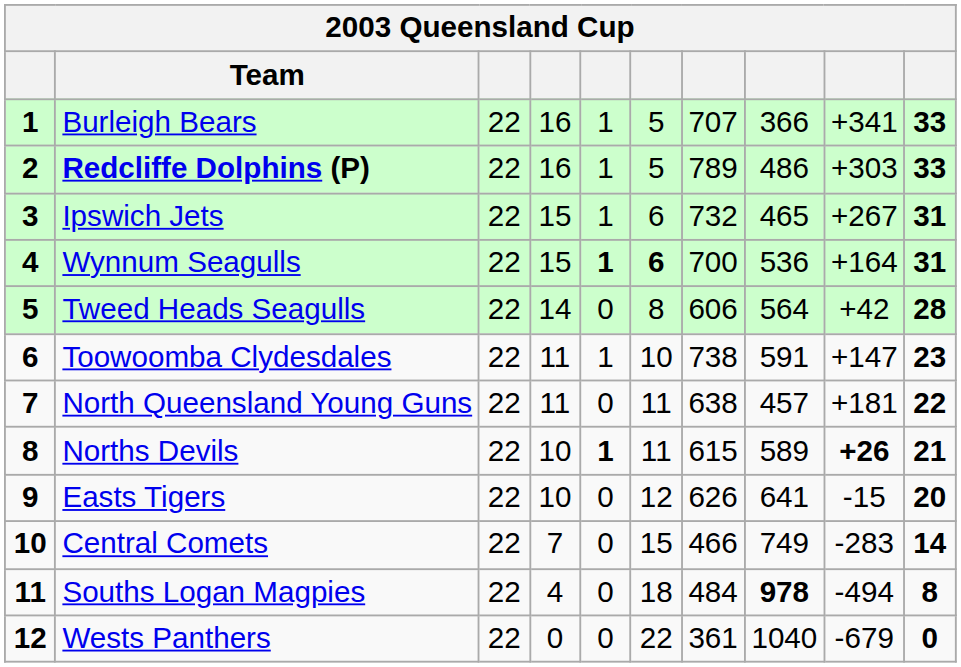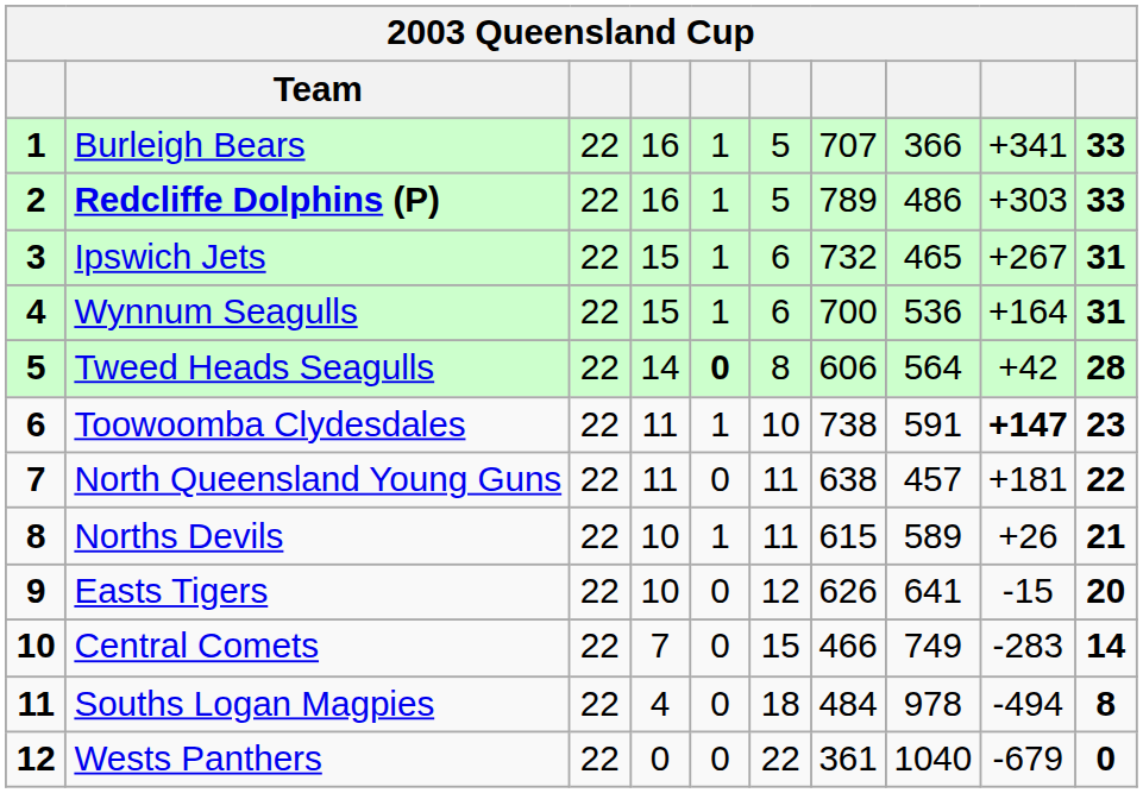 <table class="wikitable" style="text-align:center;">
 <tr>
 <th colspan="11">2003 Queensland Cup</th>
 </tr>
 <tr>
 <th width="20"></th>
 <th>Team</th>
 <th width="20"></th>
 <th width="20"></th>
 <th width="20"></th>
 <th width="20"></th>
 <th width="25"></th>
 <th width="25"></th>
 <th width="30"></th>
 <th width="20"></th>
 </tr>
 <tr style="background: #ccffcc;">
 <td><strong>1</strong></td>
 <td style="text-align:left;"> <a href='#'>Burleigh Bears</a></td>
 <td>22</td>
 <td>16</td>
 <td>1</td>
 <td>5</td>
 <td>707</td>
 <td>366</td>
 <td>+341</td>
 <td><strong>33</strong></td>
 </tr>
 <tr style="background: #ccffcc;">
 <td><strong>2</strong></td>
 <td style="text-align:left;"> <strong><a href='#'>Redcliffe Dolphins</a> (P)</strong></td>
 <td>22</td>
 <td>16</td>
 <td>1</td>
 <td>5</td>
 <td>789</td>
 <td>486</td>
 <td>+303</td>
 <td><strong>33</strong></td>
 </tr>
 <tr style="background: #ccffcc;">
 <td><strong>3</strong></td>
 <td style="text-align:left;"> <a href='#'>Ipswich Jets</a></td>
 <td>22</td>
 <td>15</td>
 <td>1</td>
 <td>6</td>
 <td>732</td>
 <td>465</td>
 <td>+267</td>
 <td><strong>31</strong></td>
 </tr>
 <tr style="background: #ccffcc;">
 <td><strong>4</strong></td>
 <td style="text-align:left;"> <a href='#'>Wynnum Seagulls</a></td>
 <td>22</td>
 <td>15</td>
-<td><strong>1</strong></td>
-<td><strong>6</strong></td>
+<td>1</td>
+<td>6</td>
 <td>700</td>
 <td>536</td>
 <td>+164</td>
 <td><strong>31</strong></td>
 </tr>
 <tr style="background: #ccffcc;">
 <td><strong>5</strong></td>
 <td style="text-align:left;"> <a href='#'>Tweed Heads Seagulls</a></td>
 <td>22</td>
 <td>14</td>
-<td>0</td>
+<td><strong>0</strong></td>
 <td>8</td>
 <td>606</td>
 <td>564</td>
 <td>+42</td>
 <td><strong>28</strong></td>
 </tr>
 <tr style="background:">
 <td><strong>6</strong></td>
 <td style="text-align:left;"> <a href='#'>Toowoomba Clydesdales</a></td>
 <td>22</td>
 <td>11</td>
 <td>1</td>
 <td>10</td>
 <td>738</td>
 <td>591</td>
-<td>+147</td>
+<td><strong>+147</strong></td>
 <td><strong>23</strong></td>
 </tr>
 <tr style="background:">
 <td><strong>7</strong></td>
 <td style="text-align:left;"> <a href='#'>North Queensland Young Guns</a></td>
 <td>22</td>
 <td>11</td>
 <td>0</td>
 <td>11</td>
 <td>638</td>
 <td>457</td>
 <td>+181</td>
 <td><strong>22</strong></td>
 </tr>
 <tr style="background:">
 <td><strong>8</strong></td>
 <td style="text-align:left;"> <a href='#'>Norths Devils</a></td>
 <td>22</td>
 <td>10</td>
-<td><strong>1</strong></td>
+<td>1</td>
 <td>11</td>
 <td>615</td>
 <td>589</td>
-<td><strong>+26</strong></td>
+<td>+26</td>
 <td><strong>21</strong></td>
 </tr>
 <tr style="background:">
 <td><strong>9</strong></td>
 <td style="text-align:left;"> <a href='#'>Easts Tigers</a></td>
 <td>22</td>
 <td>10</td>
 <td>0</td>
 <td>12</td>
 <td>626</td>
 <td>641</td>
 <td>-15</td>
 <td><strong>20</strong></td>
 </tr>
 <tr style="background:">
 <td><strong>10</strong></td>
 <td style="text-align:left;"> <a href='#'>Central Comets</a></td>
 <td>22</td>
 <td>7</td>
 <td>0</td>
 <td>15</td>
 <td>466</td>
 <td>749</td>
 <td>-283</td>
 <td><strong>14</strong></td>
 </tr>
 <tr style="background:">
 <td><strong>11</strong></td>
 <td style="text-align:left;"> <a href='#'>Souths Logan Magpies</a></td>
 <td>22</td>
 <td>4</td>
 <td>0</td>
 <td>18</td>
 <td>484</td>
-<td><strong>978</strong></td>
+<td>978</td>
 <td>-494</td>
 <td><strong>8</strong></td>
 </tr>
 <tr style="background:">
 <td><strong>12</strong></td>
 <td style="text-align:left;"> <a href='#'>Wests Panthers</a></td>
 <td>22</td>
 <td>0</td>
 <td>0</td>
 <td>22</td>
 <td>361</td>
 <td>1040</td>
 <td>-679</td>
 <td><strong>0</strong></td>
 </tr>
 </table>
